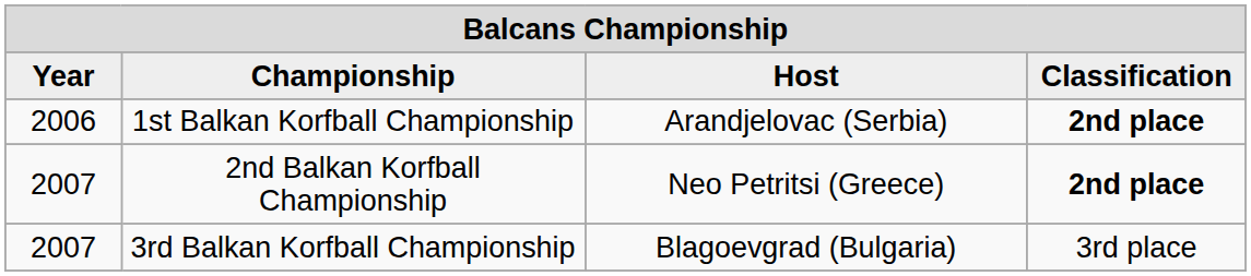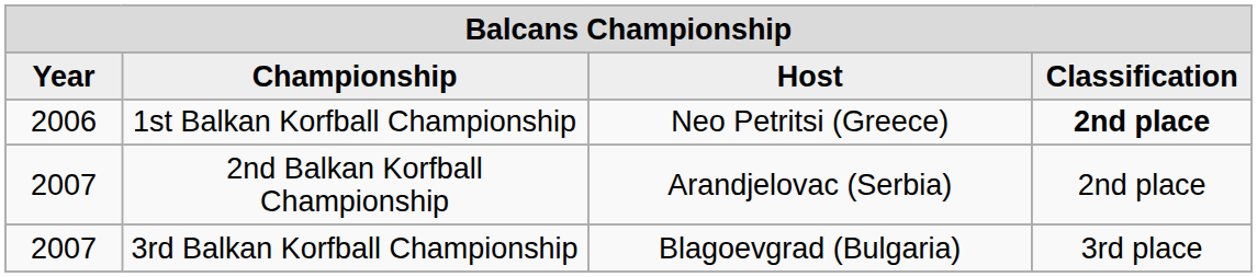 <table class="wikitable" style=font-size:90%>
 <tr align=center style="background:#dadada;">
 <td colspan=4><strong>Balcans Championship</strong></td>
 </tr>
 <tr align=center bgcolor="#eeeeee">
 <td width=50><strong>Year</strong></td>
 <td width=220><strong>Championship</strong></td>
 <td width=210><strong>Host</strong></td>
 <td width=100><strong>Classification</strong></td>
 </tr>
 <tr align=center>
 <td>2006</td>
 <td>1st Balkan Korfball Championship</td>
-<td>Arandjelovac (Serbia)</td>
+<td>Neo Petritsi (Greece)</td>
 <td align="center"><strong>2nd place</strong></td>
 </tr>
 <tr align=center>
 <td>2007</td>
 <td>2nd Balkan Korfball Championship</td>
-<td>Neo Petritsi (Greece)</td>
-<td align="center"><strong>2nd place</strong></td>
+<td>Arandjelovac (Serbia)</td>
+<td align="center">2nd place</td>
 </tr>
 <tr align=center>
 <td>2007</td>
 <td>3rd Balkan Korfball Championship</td>
 <td>Blagoevgrad (Bulgaria)</td>
 <td align="center">3rd place</td>
 </tr>
 </table>
